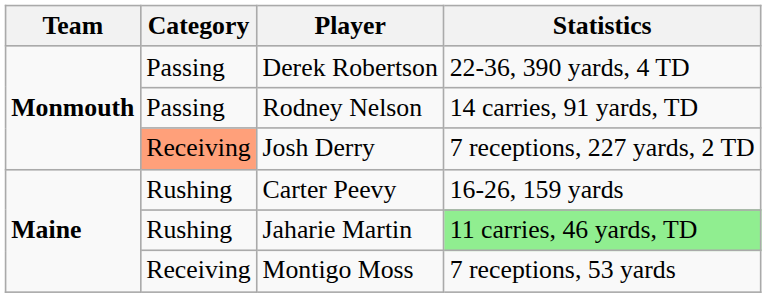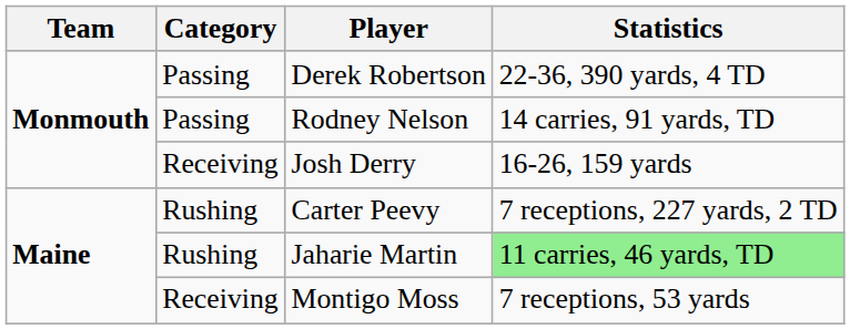 <table class="wikitable" style="float: right;">
 <tr>
 <th>Team</th>
 <th>Category</th>
 <th>Player</th>
 <th>Statistics</th>
 </tr>
 <tr>
 <td rowspan=3><strong>Monmouth</strong></td>
 <td>Passing</td>
 <td>Derek Robertson</td>
 <td>22-36, 390 yards, 4 TD</td>
 </tr>
 <tr>
 <td>Passing</td>
 <td>Rodney Nelson</td>
 <td>14 carries, 91 yards, TD</td>
 </tr>
 <tr>
-<td style="background: lightsalmon;">Receiving</td>
+<td>Receiving</td>
 <td>Josh Derry</td>
-<td>7 receptions, 227 yards, 2 TD</td>
+<td>16-26, 159 yards</td>
 </tr>
 <tr>
 <td rowspan=3><strong>Maine</strong></td>
 <td>Rushing</td>
 <td>Carter Peevy</td>
-<td>16-26, 159 yards</td>
+<td>7 receptions, 227 yards, 2 TD</td>
 </tr>
 <tr>
 <td>Rushing</td>
 <td>Jaharie Martin</td>
 <td style="background: lightgreen;">11 carries, 46 yards, TD</td>
 </tr>
 <tr>
 <td>Receiving</td>
 <td>Montigo Moss</td>
 <td>7 receptions, 53 yards</td>
 </tr>
 </table>
